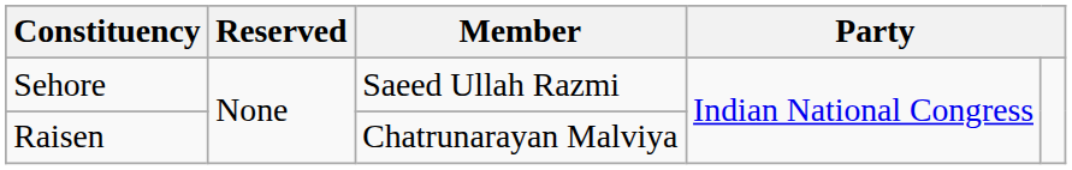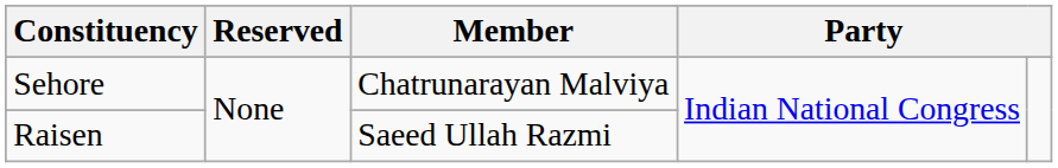 <table class="wikitable sortable">
 <tr>
 <th>Constituency</th>
 <th>Reserved</th>
 <th>Member</th>
 <th colspan=2>Party</th>
 </tr>
 <tr>
 <td>Sehore</td>
 <td rowspan=2>None</td>
-<td>Saeed Ullah Razmi</td>
+<td>Chatrunarayan Malviya</td>
 <td rowspan=2><a href='#'>Indian National Congress</a></td>
 <td rowspan=2 width="4px" style="background-color: "></td>
 </tr>
 <tr>
 <td>Raisen</td>
-<td>Chatrunarayan Malviya</td>
+<td>Saeed Ullah Razmi</td>
 </tr>
 </table>
